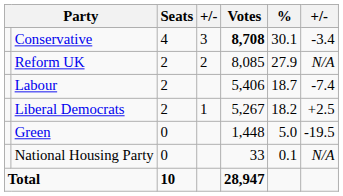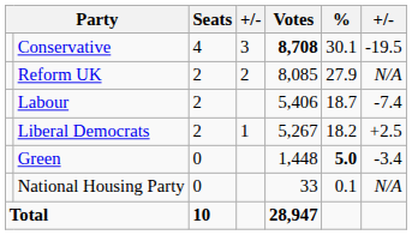 <table class="wikitable sortable">
 <tr>
 <th colspan="2">Party</th>
 <th>Seats</th>
 <th>+/-</th>
 <th>Votes</th>
 <th>%</th>
 <th>+/-</th>
 </tr>
 <tr>
 <td style="background-color: "></td>
 <td><a href='#'>Conservative</a></td>
 <td>4</td>
 <td> 3</td>
 <td style="text-align:right;"><strong>8,708</strong></td>
 <td style="text-align:right;">30.1</td>
-<td style="text-align:right;">-3.4</td>
+<td style="text-align:right;">-19.5</td>
 </tr>
 <tr>
 <td style="background-color: "></td>
 <td><a href='#'>Reform UK</a></td>
 <td>2</td>
 <td> 2</td>
 <td style="text-align:right;">8,085</td>
 <td style="text-align:right;">27.9</td>
 <td style="text-align:right;"><em>N/A</em></td>
 </tr>
 <tr>
 <td style="background-color: "></td>
 <td><a href='#'>Labour</a></td>
 <td>2</td>
 <td></td>
 <td style="text-align:right;">5,406</td>
 <td style="text-align:right;">18.7</td>
 <td style="text-align:right;">-7.4</td>
 </tr>
 <tr>
 <td style="background-color: "></td>
 <td><a href='#'>Liberal Democrats</a></td>
 <td>2</td>
 <td> 1</td>
 <td style="text-align:right;">5,267</td>
 <td style="text-align:right;">18.2</td>
 <td style="text-align:right;">+2.5</td>
 </tr>
 <tr>
 <td style="background-color: "></td>
 <td><a href='#'>Green</a></td>
 <td>0</td>
 <td></td>
 <td style="text-align:right;">1,448</td>
-<td style="text-align:right;">5.0</td>
-<td style="text-align:right;">-19.5</td>
+<td style="text-align:right;"><strong>5.0</strong></td>
+<td style="text-align:right;">-3.4</td>
 </tr>
 <tr>
 <td style="background-color: "></td>
 <td>National Housing Party</td>
 <td>0</td>
 <td></td>
 <td style="text-align:right;">33</td>
 <td style="text-align:right;">0.1</td>
 <td style="text-align:right;"><em>N/A</em></td>
 </tr>
 <tr>
 <td colspan="2"><strong>Total</strong></td>
 <td><strong>10</strong></td>
 <td></td>
 <td style="text-align:right;"><strong>28,947</strong></td>
 <td style="text-align:right;"></td>
 <td style="text-align:right;"></td>
 </tr>
 </table>
